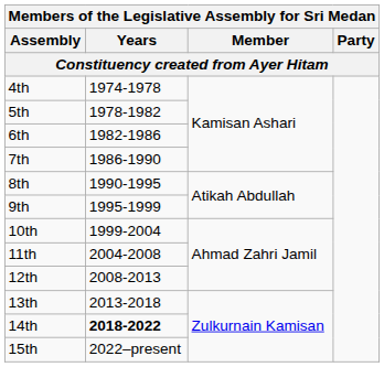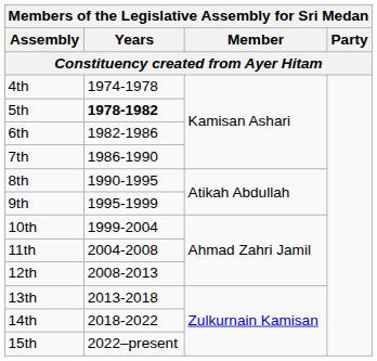 <table class=wikitable>
 <tr>
 <th colspan=4>Members of the Legislative Assembly for Sri Medan</th>
 </tr>
 <tr>
 <th>Assembly</th>
 <th>Years</th>
 <th>Member</th>
 <th>Party</th>
 </tr>
 <tr>
 <th colspan=4 align=center><em>Constituency created from Ayer Hitam</em></th>
 </tr>
 <tr>
 <td>4th</td>
 <td>1974-1978</td>
 <td rowspan="4">Kamisan Ashari</td>
 <td rowspan="13"></td>
 </tr>
 <tr>
 <td>5th</td>
-<td>1978-1982</td>
+<td><strong>1978-1982</strong></td>
 </tr>
 <tr>
 <td>6th</td>
 <td>1982-1986</td>
 </tr>
 <tr>
 <td>7th</td>
 <td>1986-1990</td>
 </tr>
 <tr>
 <td>8th</td>
 <td>1990-1995</td>
 <td rowspan="2">Atikah Abdullah</td>
 </tr>
 <tr>
 <td>9th</td>
 <td>1995-1999</td>
 </tr>
 <tr>
 <td>10th</td>
 <td>1999-2004</td>
 <td rowspan="3">Ahmad Zahri Jamil</td>
 </tr>
 <tr>
 <td>11th</td>
 <td>2004-2008</td>
 </tr>
 <tr>
 <td>12th</td>
 <td>2008-2013</td>
 </tr>
 <tr>
 <td>13th</td>
 <td>2013-2018</td>
 <td rowspan="3"><a href='#'>Zulkurnain Kamisan</a></td>
 </tr>
 <tr>
 <td>14th</td>
-<td><strong>2018-2022</strong></td>
+<td>2018-2022</td>
 </tr>
 <tr>
 <td>15th</td>
 <td>2022–present</td>
 </tr>
 </table>
